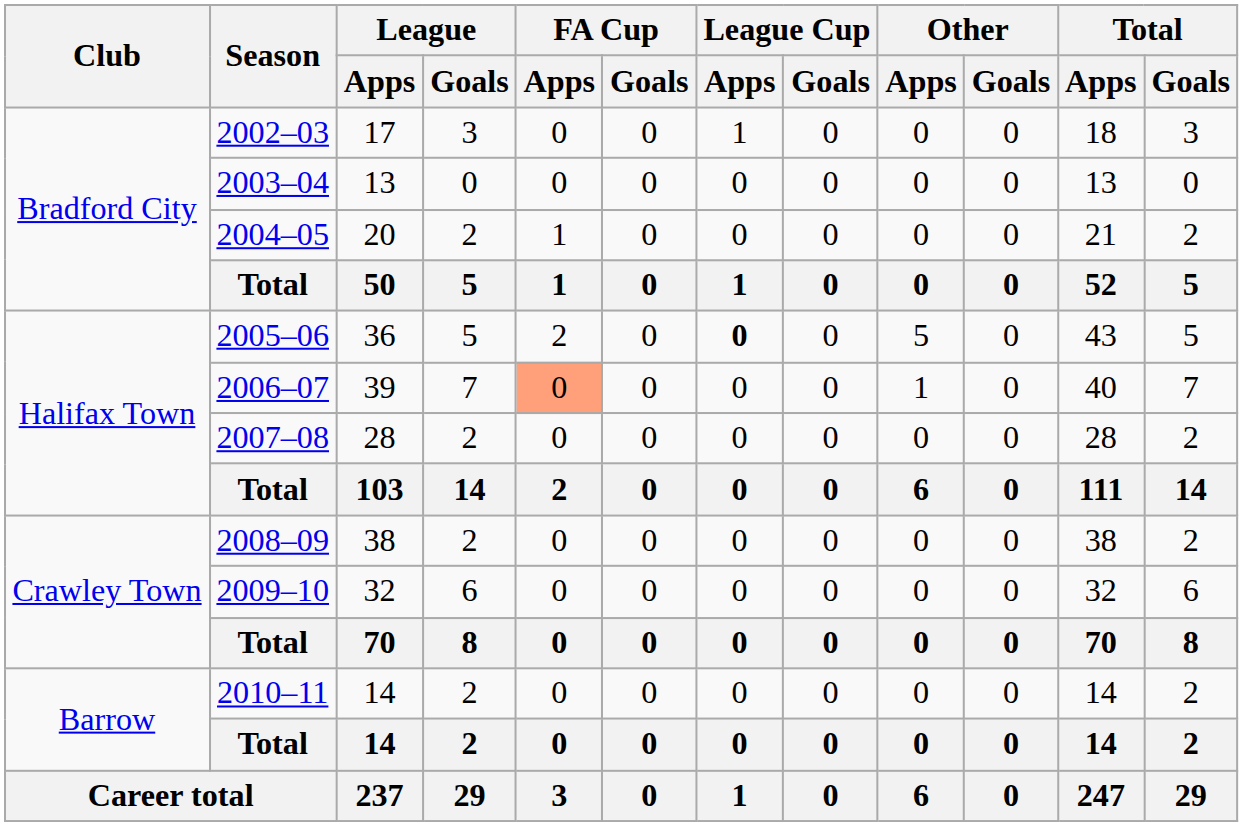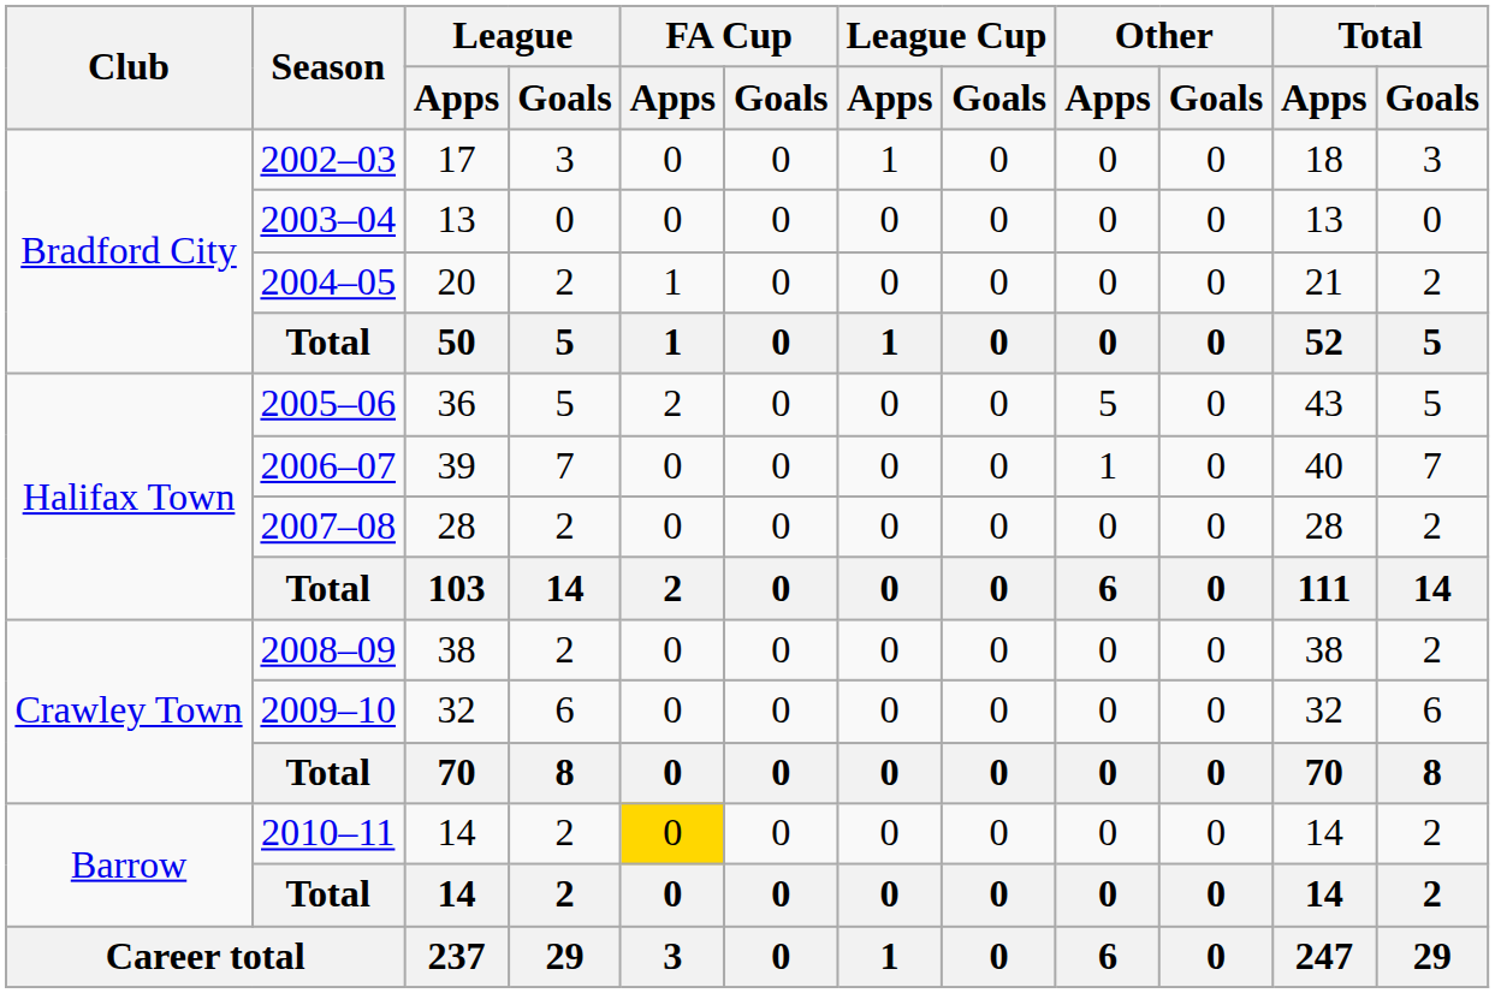 <table class="wikitable" style="text-align:center">
 <tr>
 <th rowspan="2">Club</th>
 <th rowspan="2">Season</th>
 <th colspan="2">League</th>
 <th colspan="2">FA Cup</th>
 <th colspan="2">League Cup</th>
 <th colspan="2">Other</th>
 <th colspan="2">Total</th>
 </tr>
 <tr>
 <th>Apps</th>
 <th>Goals</th>
 <th>Apps</th>
 <th>Goals</th>
 <th>Apps</th>
 <th>Goals</th>
 <th>Apps</th>
 <th>Goals</th>
 <th>Apps</th>
 <th>Goals</th>
 </tr>
 <tr>
 <td rowspan="4" valign="center"><a href='#'>Bradford City</a></td>
 <td><a href='#'>2002–03</a></td>
 <td>17</td>
 <td>3</td>
 <td>0</td>
 <td>0</td>
 <td>1</td>
 <td>0</td>
 <td>0</td>
 <td>0</td>
 <td>18</td>
 <td>3</td>
 </tr>
 <tr>
 <td><a href='#'>2003–04</a></td>
 <td>13</td>
 <td>0</td>
 <td>0</td>
 <td>0</td>
 <td>0</td>
 <td>0</td>
 <td>0</td>
 <td>0</td>
 <td>13</td>
 <td>0</td>
 </tr>
 <tr>
 <td><a href='#'>2004–05</a></td>
 <td>20</td>
 <td>2</td>
 <td>1</td>
 <td>0</td>
 <td>0</td>
 <td>0</td>
 <td>0</td>
 <td>0</td>
 <td>21</td>
 <td>2</td>
 </tr>
 <tr>
 <th>Total</th>
 <th>50</th>
 <th>5</th>
 <th>1</th>
 <th>0</th>
 <th>1</th>
 <th>0</th>
 <th>0</th>
 <th>0</th>
 <th>52</th>
 <th>5</th>
 </tr>
 <tr>
 <td rowspan="4" valign="center"><a href='#'>Halifax Town</a></td>
 <td><a href='#'>2005–06</a></td>
 <td>36</td>
 <td>5</td>
 <td>2</td>
 <td>0</td>
-<td><strong>0</strong></td>
+<td>0</td>
 <td>0</td>
 <td>5</td>
 <td>0</td>
 <td>43</td>
 <td>5</td>
 </tr>
 <tr>
 <td><a href='#'>2006–07</a></td>
 <td>39</td>
 <td>7</td>
-<td style="background: lightsalmon;">0</td>
+<td>0</td>
 <td>0</td>
 <td>0</td>
 <td>0</td>
 <td>1</td>
 <td>0</td>
 <td>40</td>
 <td>7</td>
 </tr>
 <tr>
 <td><a href='#'>2007–08</a></td>
 <td>28</td>
 <td>2</td>
 <td>0</td>
 <td>0</td>
 <td>0</td>
 <td>0</td>
 <td>0</td>
 <td>0</td>
 <td>28</td>
 <td>2</td>
 </tr>
 <tr>
 <th>Total</th>
 <th>103</th>
 <th>14</th>
 <th>2</th>
 <th>0</th>
 <th>0</th>
 <th>0</th>
 <th>6</th>
 <th>0</th>
 <th>111</th>
 <th>14</th>
 </tr>
 <tr>
 <td rowspan="3" valign="center"><a href='#'>Crawley Town</a></td>
 <td><a href='#'>2008–09</a></td>
 <td>38</td>
 <td>2</td>
 <td>0</td>
 <td>0</td>
 <td>0</td>
 <td>0</td>
 <td>0</td>
 <td>0</td>
 <td>38</td>
 <td>2</td>
 </tr>
 <tr>
 <td><a href='#'>2009–10</a></td>
 <td>32</td>
 <td>6</td>
 <td>0</td>
 <td>0</td>
 <td>0</td>
 <td>0</td>
 <td>0</td>
 <td>0</td>
 <td>32</td>
 <td>6</td>
 </tr>
 <tr>
 <th>Total</th>
 <th>70</th>
 <th>8</th>
 <th>0</th>
 <th>0</th>
 <th>0</th>
 <th>0</th>
 <th>0</th>
 <th>0</th>
 <th>70</th>
 <th>8</th>
 </tr>
 <tr>
 <td rowspan="2" valign="center"><a href='#'>Barrow</a></td>
 <td><a href='#'>2010–11</a></td>
 <td>14</td>
 <td>2</td>
-<td>0</td>
+<td style="background: gold;">0</td>
 <td>0</td>
 <td>0</td>
 <td>0</td>
 <td>0</td>
 <td>0</td>
 <td>14</td>
 <td>2</td>
 </tr>
 <tr>
 <th>Total</th>
 <th>14</th>
 <th>2</th>
 <th>0</th>
 <th>0</th>
 <th>0</th>
 <th>0</th>
 <th>0</th>
 <th>0</th>
 <th>14</th>
 <th>2</th>
 </tr>
 <tr>
 <th colspan="2">Career total</th>
 <th>237</th>
 <th>29</th>
 <th>3</th>
 <th>0</th>
 <th>1</th>
 <th>0</th>
 <th>6</th>
 <th>0</th>
 <th>247</th>
 <th>29</th>
 </tr>
 </table>
